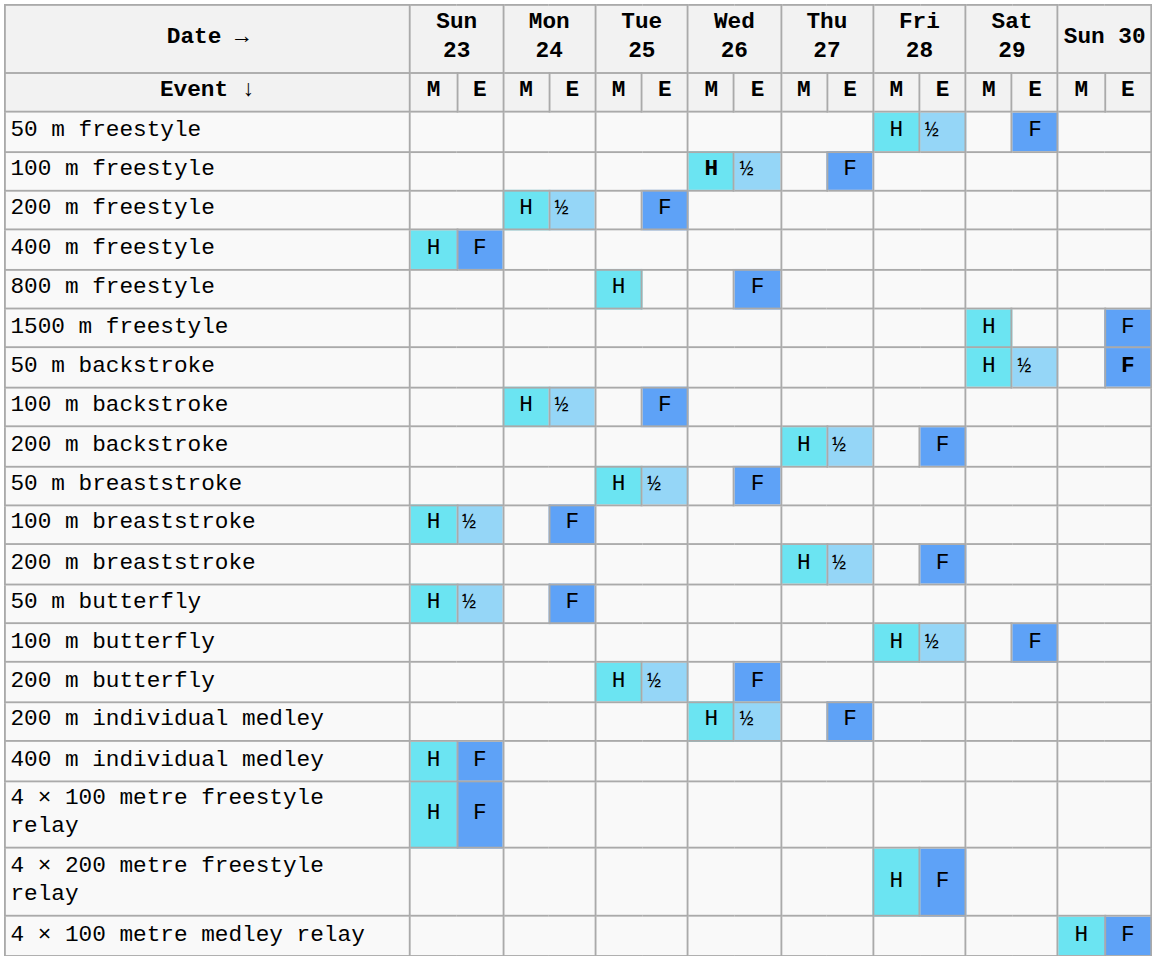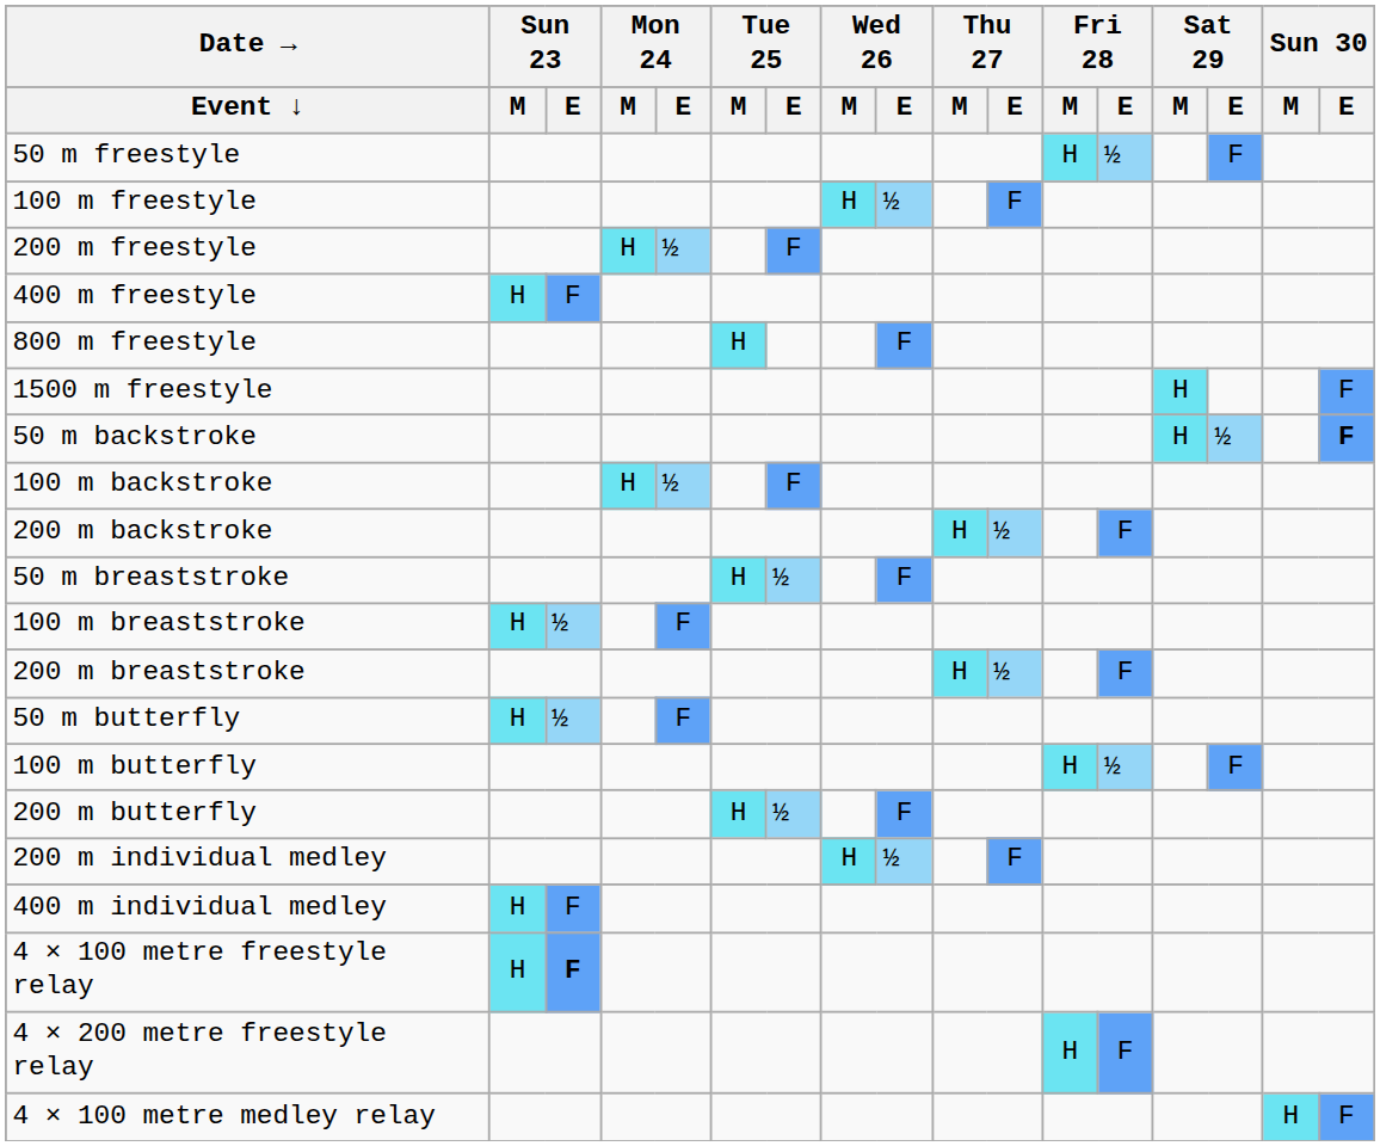 <table class="wikitable" style="margin:0.5em auto; font-size:95%; line-height:1.25em;">
 <tr style="text-align:center;">
 <th>Date →</th>
 <th colspan="2">Sun 23</th>
 <th colspan="2">Mon 24</th>
 <th colspan="2">Tue 25</th>
 <th colspan="2">Wed 26</th>
 <th colspan="2">Thu 27</th>
 <th colspan="2">Fri 28</th>
 <th colspan="2">Sat 29</th>
 <th colspan="2">Sun 30</th>
 </tr>
 <tr>
 <th>Event ↓</th>
 <th>M</th>
 <th>E</th>
 <th>M</th>
 <th>E</th>
 <th>M</th>
 <th>E</th>
 <th>M</th>
 <th>E</th>
 <th>M</th>
 <th>E</th>
 <th>M</th>
 <th>E</th>
 <th>M</th>
 <th>E</th>
 <th>M</th>
 <th>E</th>
 </tr>
 <tr>
 <td class=event>50 m freestyle</td>
 <td colspan=2></td>
 <td colspan=2></td>
 <td colspan=2></td>
 <td colspan=2></td>
 <td colspan=2></td>
 <td style="background-color:#6be4f2; text-align:center;">H</td>
 <td style="background-color:#95d6f7;">½</td>
 <td></td>
 <td style="background-color:#5ea2f7; text-align:center;">F</td>
 <td colspan=2></td>
 </tr>
 <tr>
 <td class=event>100 m freestyle</td>
 <td colspan=2></td>
 <td colspan=2></td>
 <td colspan=2></td>
-<td style="background-color:#6be4f2; text-align:center;"><strong>H</strong></td>
+<td style="background-color:#6be4f2; text-align:center;">H</td>
 <td style="background-color:#95d6f7;">½</td>
 <td></td>
 <td style="background-color:#5ea2f7; text-align:center;">F</td>
 <td colspan=2></td>
 <td colspan=2></td>
 <td colspan=2></td>
 </tr>
 <tr>
 <td class=event>200 m freestyle</td>
 <td colspan=2></td>
 <td style="background-color:#6be4f2; text-align:center;">H</td>
 <td style="background-color:#95d6f7;">½</td>
 <td></td>
 <td style="background-color:#5ea2f7; text-align:center;">F</td>
 <td colspan=2></td>
 <td colspan=2></td>
 <td colspan=2></td>
 <td colspan=2></td>
 <td colspan=2></td>
 </tr>
 <tr>
 <td class=event>400 m freestyle</td>
 <td style="background-color:#6be4f2; text-align:center;">H</td>
 <td style="background-color:#5ea2f7; text-align:center;">F</td>
 <td colspan=2></td>
 <td colspan=2></td>
 <td colspan=2></td>
 <td colspan=2></td>
 <td colspan=2></td>
 <td colspan=2></td>
 <td colspan=2></td>
 </tr>
 <tr>
 <td class=event>800 m freestyle</td>
 <td colspan=2></td>
 <td colspan=2></td>
 <td style="background-color:#6be4f2; text-align:center;">H</td>
 <td></td>
 <td></td>
 <td style="background-color:#5ea2f7; text-align:center;">F</td>
 <td colspan=2></td>
 <td colspan=2></td>
 <td colspan=2></td>
 <td colspan=2></td>
 </tr>
 <tr>
 <td class=event>1500 m freestyle</td>
 <td colspan=2></td>
 <td colspan=2></td>
 <td colspan=2></td>
 <td colspan=2></td>
 <td colspan=2></td>
 <td colspan=2></td>
 <td style="background-color:#6be4f2; text-align:center;">H</td>
 <td></td>
 <td></td>
 <td style="background-color:#5ea2f7; text-align:center;">F</td>
 </tr>
 <tr>
 <td class=event>50 m backstroke</td>
 <td colspan=2></td>
 <td colspan=2></td>
 <td colspan=2></td>
 <td colspan=2></td>
 <td colspan=2></td>
 <td colspan=2></td>
 <td style="background-color:#6be4f2; text-align:center;">H</td>
 <td style="background-color:#95d6f7;">½</td>
 <td></td>
 <td style="background-color:#5ea2f7; text-align:center;"><strong>F</strong></td>
 </tr>
 <tr>
 <td class=event>100 m backstroke</td>
 <td colspan=2></td>
 <td style="background-color:#6be4f2; text-align:center;">H</td>
 <td style="background-color:#95d6f7;">½</td>
 <td></td>
 <td style="background-color:#5ea2f7; text-align:center;">F</td>
 <td colspan=2></td>
 <td colspan=2></td>
 <td colspan=2></td>
 <td colspan=2></td>
 <td colspan=2></td>
 </tr>
 <tr>
 <td class=event>200 m backstroke</td>
 <td colspan=2></td>
 <td colspan=2></td>
 <td colspan=2></td>
 <td colspan=2></td>
 <td style="background-color:#6be4f2; text-align:center;">H</td>
 <td style="background-color:#95d6f7;">½</td>
 <td></td>
 <td style="background-color:#5ea2f7; text-align:center;">F</td>
 <td colspan=2></td>
 <td colspan=2></td>
 </tr>
 <tr>
 <td class=event>50 m breaststroke</td>
 <td colspan=2></td>
 <td colspan=2></td>
 <td style="background-color:#6be4f2; text-align:center;">H</td>
 <td style="background-color:#95d6f7;">½</td>
 <td></td>
 <td style="background-color:#5ea2f7; text-align:center;">F</td>
 <td colspan=2></td>
 <td colspan=2></td>
 <td colspan=2></td>
 <td colspan=2></td>
 </tr>
 <tr>
 <td class=event>100 m breaststroke</td>
 <td style="background-color:#6be4f2; text-align:center;">H</td>
 <td style="background-color:#95d6f7;">½</td>
 <td></td>
 <td style="background-color:#5ea2f7; text-align:center;">F</td>
 <td colspan=2></td>
 <td colspan=2></td>
 <td colspan=2></td>
 <td colspan=2></td>
 <td colspan=2></td>
 <td colspan=2></td>
 </tr>
 <tr>
 <td class=event>200 m breaststroke</td>
 <td colspan=2></td>
 <td colspan=2></td>
 <td colspan=2></td>
 <td colspan=2></td>
 <td style="background-color:#6be4f2; text-align:center;">H</td>
 <td style="background-color:#95d6f7;">½</td>
 <td></td>
 <td style="background-color:#5ea2f7; text-align:center;">F</td>
 <td colspan=2></td>
 <td colspan=2></td>
 </tr>
 <tr>
 <td class=event>50 m butterfly</td>
 <td style="background-color:#6be4f2; text-align:center;">H</td>
 <td style="background-color:#95d6f7;">½</td>
 <td></td>
 <td style="background-color:#5ea2f7; text-align:center;">F</td>
 <td colspan=2></td>
 <td colspan=2></td>
 <td colspan=2></td>
 <td colspan=2></td>
 <td colspan=2></td>
 <td colspan=2></td>
 </tr>
 <tr>
 <td class=event>100 m butterfly</td>
 <td colspan=2></td>
 <td colspan=2></td>
 <td colspan=2></td>
 <td colspan=2></td>
 <td colspan=2></td>
 <td style="background-color:#6be4f2; text-align:center;">H</td>
 <td style="background-color:#95d6f7;">½</td>
 <td></td>
 <td style="background-color:#5ea2f7; text-align:center;">F</td>
 <td colspan=2></td>
 </tr>
 <tr>
 <td class=event>200 m butterfly</td>
 <td colspan=2></td>
 <td colspan=2></td>
 <td style="background-color:#6be4f2; text-align:center;">H</td>
 <td style="background-color:#95d6f7;">½</td>
 <td></td>
 <td style="background-color:#5ea2f7; text-align:center;">F</td>
 <td colspan=2></td>
 <td colspan=2></td>
 <td colspan=2></td>
 <td colspan=2></td>
 </tr>
 <tr>
 <td class=event>200 m individual medley</td>
 <td colspan=2></td>
 <td colspan=2></td>
 <td colspan=2></td>
 <td style="background-color:#6be4f2; text-align:center;">H</td>
 <td style="background-color:#95d6f7;">½</td>
 <td></td>
 <td style="background-color:#5ea2f7; text-align:center;">F</td>
 <td colspan=2></td>
 <td colspan=2></td>
 <td colspan=2></td>
 </tr>
 <tr>
 <td class=event>400 m individual medley</td>
 <td style="background-color:#6be4f2; text-align:center;">H</td>
 <td style="background-color:#5ea2f7; text-align:center;">F</td>
 <td colspan=2></td>
 <td colspan=2></td>
 <td colspan=2></td>
 <td colspan=2></td>
 <td colspan=2></td>
 <td colspan=2></td>
 <td colspan=2></td>
 </tr>
 <tr>
 <td class=event>4 × 100 metre freestyle relay</td>
 <td style="background-color:#6be4f2; text-align:center;">H</td>
-<td style="background-color:#5ea2f7; text-align:center;">F</td>
+<td style="background-color:#5ea2f7; text-align:center;"><strong>F</strong></td>
 <td colspan=2></td>
 <td colspan=2></td>
 <td colspan=2></td>
 <td colspan=2></td>
 <td colspan=2></td>
 <td colspan=2></td>
 <td colspan=2></td>
 </tr>
 <tr>
 <td class=event>4 × 200 metre freestyle relay</td>
 <td colspan=2></td>
 <td colspan=2></td>
 <td colspan=2></td>
 <td colspan=2></td>
 <td colspan=2></td>
 <td style="background-color:#6be4f2; text-align:center;">H</td>
 <td style="background-color:#5ea2f7; text-align:center;">F</td>
 <td colspan=2></td>
 <td colspan=2></td>
 </tr>
 <tr>
 <td class=event>4 × 100 metre medley relay</td>
 <td colspan=2></td>
 <td colspan=2></td>
 <td colspan=2></td>
 <td colspan=2></td>
 <td colspan=2></td>
 <td colspan=2></td>
 <td colspan=2></td>
 <td style="background-color:#6be4f2; text-align:center;">H</td>
 <td style="background-color:#5ea2f7; text-align:center;">F</td>
 </tr>
 <tr>
 </tr>
 </table>
